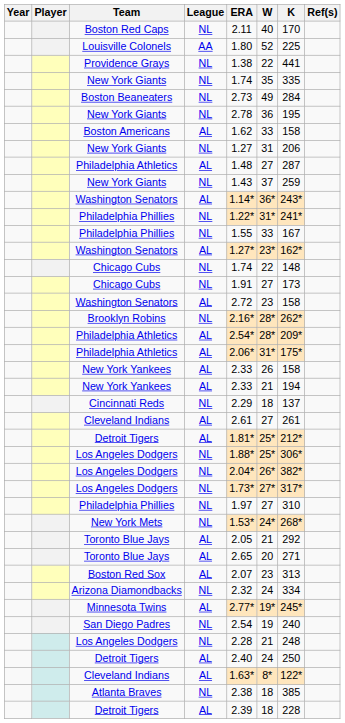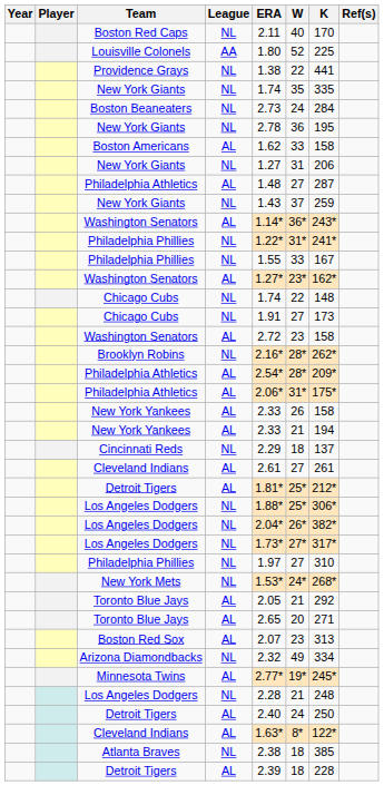 <table class="wikitable sortable plainrowheaders" style="text-align:center;">
 <tr>
 <th scope="col">Year</th>
 <th scope="col">Player</th>
 <th scope="col">Team</th>
 <th scope="col">League</th>
 <th scope="col">ERA</th>
 <th scope="col">W</th>
 <th scope="col">K</th>
 <th scope="col" class="unsortable">Ref(s)</th>
 </tr>
 <tr>
 <td></td>
 <th scope="row" style="text-align:center"></th>
 <td><a href='#'>Boston Red Caps</a></td>
 <td><a href='#'>NL</a></td>
 <td>2.11</td>
 <td>40</td>
 <td>170</td>
 <td></td>
 </tr>
 <tr>
 <td></td>
 <th scope="row" style="text-align:center"></th>
 <td><a href='#'>Louisville Colonels</a></td>
 <td><a href='#'>AA</a></td>
 <td>1.80</td>
 <td>52</td>
 <td>225</td>
 <td></td>
 </tr>
 <tr>
 <td></td>
 <th scope="row" style="text-align:center; background-color: #ffffbb"></th>
 <td><a href='#'>Providence Grays</a></td>
 <td><a href='#'>NL</a></td>
 <td>1.38</td>
 <td>22</td>
 <td>441</td>
 <td></td>
 </tr>
 <tr>
 <td></td>
 <th scope="row" style="text-align:center; background-color: #ffffbb"></th>
 <td><a href='#'>New York Giants</a></td>
 <td><a href='#'>NL</a></td>
 <td>1.74</td>
 <td>35</td>
 <td>335</td>
 <td></td>
 </tr>
 <tr>
 <td></td>
 <th scope="row" style="text-align:center; background-color: #ffffbb"></th>
 <td><a href='#'>Boston Beaneaters</a></td>
 <td><a href='#'>NL</a></td>
 <td>2.73</td>
-<td>49</td>
+<td>24</td>
 <td>284</td>
 <td></td>
 </tr>
 <tr>
 <td></td>
 <th scope="row" style="text-align:center; background-color: #ffffbb"></th>
 <td><a href='#'>New York Giants</a></td>
 <td><a href='#'>NL</a></td>
 <td>2.78</td>
 <td>36</td>
 <td>195</td>
 <td></td>
 </tr>
 <tr>
 <td></td>
 <th scope="row" style="text-align:center; background-color: #ffffbb"></th>
 <td><a href='#'>Boston Americans</a></td>
 <td><a href='#'>AL</a></td>
 <td>1.62</td>
 <td>33</td>
 <td>158</td>
 <td></td>
 </tr>
 <tr>
 <td></td>
 <th scope="row" style="text-align:center; background-color: #ffffbb"></th>
 <td><a href='#'>New York Giants</a></td>
 <td><a href='#'>NL</a></td>
 <td>1.27</td>
 <td>31</td>
 <td>206</td>
 <td></td>
 </tr>
 <tr>
 <td></td>
 <th scope="row" style="text-align:center; background-color: #ffffbb"></th>
 <td><a href='#'>Philadelphia Athletics</a></td>
 <td><a href='#'>AL</a></td>
 <td>1.48</td>
 <td>27</td>
 <td>287</td>
 <td></td>
 </tr>
 <tr>
 <td></td>
 <th scope="row" style="text-align:center; background-color: #ffffbb"></th>
 <td><a href='#'>New York Giants</a></td>
 <td><a href='#'>NL</a></td>
 <td>1.43</td>
 <td>37</td>
 <td>259</td>
 <td></td>
 </tr>
 <tr>
 <td></td>
 <th scope="row" style="text-align:center; background-color: #ffffbb"></th>
 <td><a href='#'>Washington Senators</a></td>
 <td><a href='#'>AL</a></td>
 <td style="background-color:#FFE6BD;">1.14*</td>
 <td style="background-color:#FFE6BD;">36*</td>
 <td style="background-color:#FFE6BD;">243*</td>
 <td></td>
 </tr>
 <tr>
 <td></td>
 <th scope="row" style="text-align:center; background-color: #ffffbb"></th>
 <td><a href='#'>Philadelphia Phillies</a></td>
 <td><a href='#'>NL</a></td>
 <td style="background-color:#FFE6BD;">1.22*</td>
 <td style="background-color:#FFE6BD;">31*</td>
 <td style="background-color:#FFE6BD;">241*</td>
 <td></td>
 </tr>
 <tr>
 <td></td>
 <th scope="row" style="text-align:center; background-color: #ffffbb"></th>
 <td><a href='#'>Philadelphia Phillies</a></td>
 <td><a href='#'>NL</a></td>
 <td>1.55</td>
 <td>33</td>
 <td>167</td>
 <td></td>
 </tr>
 <tr>
 <td></td>
 <th scope="row" style="text-align:center; background-color: #ffffbb"></th>
 <td><a href='#'>Washington Senators</a></td>
 <td><a href='#'>AL</a></td>
 <td style="background-color:#FFE6BD;">1.27*</td>
 <td style="background-color:#FFE6BD;">23*</td>
 <td style="background-color:#FFE6BD;">162*</td>
 <td></td>
 </tr>
 <tr>
 <td></td>
 <th scope="row" style="text-align:center"></th>
 <td><a href='#'>Chicago Cubs</a></td>
 <td><a href='#'>NL</a></td>
 <td>1.74</td>
 <td>22</td>
 <td>148</td>
 <td></td>
 </tr>
 <tr>
 <td></td>
 <th scope="row" style="text-align:center; background-color: #ffffbb"></th>
 <td><a href='#'>Chicago Cubs</a></td>
 <td><a href='#'>NL</a></td>
 <td>1.91</td>
 <td>27</td>
 <td>173</td>
 <td></td>
 </tr>
 <tr>
 <td></td>
 <th scope="row" style="text-align:center; background-color: #ffffbb"></th>
 <td><a href='#'>Washington Senators</a></td>
 <td><a href='#'>AL</a></td>
 <td>2.72</td>
 <td>23</td>
 <td>158</td>
 <td></td>
 </tr>
 <tr>
 <td></td>
 <th scope="row" style="text-align:center; background-color: #ffffbb"></th>
 <td><a href='#'>Brooklyn Robins</a></td>
 <td><a href='#'>NL</a></td>
 <td style="background-color:#FFE6BD;">2.16*</td>
 <td style="background-color:#FFE6BD;">28*</td>
 <td style="background-color:#FFE6BD;">262*</td>
 <td></td>
 </tr>
 <tr>
 <td></td>
 <th scope="row" style="text-align:center; background-color: #ffffbb"></th>
 <td><a href='#'>Philadelphia Athletics</a></td>
 <td><a href='#'>AL</a></td>
 <td style="background-color:#FFE6BD;">2.54*</td>
 <td style="background-color:#FFE6BD;">28*</td>
 <td style="background-color:#FFE6BD;">209*</td>
 <td></td>
 </tr>
 <tr>
 <td></td>
 <th scope="row" style="text-align:center; background-color: #ffffbb"></th>
 <td><a href='#'>Philadelphia Athletics</a></td>
 <td><a href='#'>AL</a></td>
 <td style="background-color:#FFE6BD;">2.06*</td>
 <td style="background-color:#FFE6BD;">31*</td>
 <td style="background-color:#FFE6BD;">175*</td>
 <td></td>
 </tr>
 <tr>
 <td></td>
 <th scope="row" style="text-align:center; background-color: #ffffbb"></th>
 <td><a href='#'>New York Yankees</a></td>
 <td><a href='#'>AL</a></td>
 <td>2.33</td>
 <td>26</td>
 <td>158</td>
 <td></td>
 </tr>
 <tr>
 <td></td>
 <th scope="row" style="text-align:center; background-color: #ffffbb"></th>
 <td><a href='#'>New York Yankees</a></td>
 <td><a href='#'>AL</a></td>
 <td>2.33</td>
 <td>21</td>
 <td>194</td>
 <td></td>
 </tr>
 <tr>
 <td></td>
 <th scope="row" style="text-align:center"></th>
 <td><a href='#'>Cincinnati Reds</a></td>
 <td><a href='#'>NL</a></td>
 <td>2.29</td>
 <td>18</td>
 <td>137</td>
 <td></td>
 </tr>
 <tr>
 <td></td>
 <th scope="row" style="text-align:center; background-color: #ffffbb"></th>
 <td><a href='#'>Cleveland Indians</a></td>
 <td><a href='#'>AL</a></td>
 <td>2.61</td>
 <td>27</td>
 <td>261</td>
 <td></td>
 </tr>
 <tr>
 <td></td>
 <th scope="row" style="text-align:center; background-color: #ffffbb"></th>
 <td><a href='#'>Detroit Tigers</a></td>
 <td><a href='#'>AL</a></td>
 <td style="background-color:#FFE6BD;">1.81*</td>
 <td style="background-color:#FFE6BD;">25*</td>
 <td style="background-color:#FFE6BD;">212*</td>
 <td></td>
 </tr>
 <tr>
 <td></td>
 <th scope="row" style="text-align:center; background-color: #ffffbb"></th>
 <td><a href='#'>Los Angeles Dodgers</a></td>
 <td><a href='#'>NL</a></td>
 <td style="background-color:#FFE6BD;">1.88*</td>
 <td style="background-color:#FFE6BD;">25*</td>
 <td style="background-color:#FFE6BD;">306*</td>
 <td></td>
 </tr>
 <tr>
 <td></td>
 <th scope="row" style="text-align:center; background-color: #ffffbb"></th>
 <td><a href='#'>Los Angeles Dodgers</a></td>
 <td><a href='#'>NL</a></td>
 <td style="background-color:#FFE6BD;">2.04*</td>
 <td style="background-color:#FFE6BD;">26*</td>
 <td style="background-color:#FFE6BD;">382*</td>
 <td></td>
 </tr>
 <tr>
 <td></td>
 <th scope="row" style="text-align:center; background-color: #ffffbb"></th>
 <td><a href='#'>Los Angeles Dodgers</a></td>
 <td><a href='#'>NL</a></td>
 <td style="background-color:#FFE6BD;">1.73*</td>
 <td style="background-color:#FFE6BD;">27*</td>
 <td style="background-color:#FFE6BD;">317*</td>
 <td></td>
 </tr>
 <tr>
 <td></td>
 <th scope="row" style="text-align:center; background-color: #ffffbb"></th>
 <td><a href='#'>Philadelphia Phillies</a></td>
 <td><a href='#'>NL</a></td>
 <td>1.97</td>
 <td>27</td>
 <td>310</td>
 <td></td>
 </tr>
 <tr>
 <td></td>
 <th scope="row" style="text-align:center"></th>
 <td><a href='#'>New York Mets</a></td>
 <td><a href='#'>NL</a></td>
 <td style="background-color:#FFE6BD;">1.53*</td>
 <td style="background-color:#FFE6BD;">24*</td>
 <td style="background-color:#FFE6BD;">268*</td>
 <td></td>
 </tr>
 <tr>
 <td></td>
 <th scope="row" style="text-align:center"></th>
 <td><a href='#'>Toronto Blue Jays</a></td>
 <td><a href='#'>AL</a></td>
 <td>2.05</td>
 <td>21</td>
 <td>292</td>
 <td></td>
 </tr>
 <tr>
 <td></td>
 <th scope="row" style="text-align:center"></th>
 <td><a href='#'>Toronto Blue Jays</a></td>
 <td><a href='#'>AL</a></td>
 <td>2.65</td>
 <td>20</td>
 <td>271</td>
 <td></td>
 </tr>
 <tr>
 <td></td>
 <th scope="row" style="text-align:center; background-color: #ffffbb"></th>
 <td><a href='#'>Boston Red Sox</a></td>
 <td><a href='#'>AL</a></td>
 <td>2.07</td>
 <td>23</td>
 <td>313</td>
 <td></td>
 </tr>
 <tr>
 <td></td>
 <th scope="row" style="text-align:center; background-color: #ffffbb"></th>
 <td><a href='#'>Arizona Diamondbacks</a></td>
 <td><a href='#'>NL</a></td>
 <td>2.32</td>
-<td>24</td>
+<td>49</td>
 <td>334</td>
 <td></td>
 </tr>
 <tr>
 <td></td>
 <th scope="row" style="text-align:center"></th>
 <td><a href='#'>Minnesota Twins</a></td>
 <td><a href='#'>AL</a></td>
 <td style="background-color:#FFE6BD;">2.77*</td>
 <td style="background-color:#FFE6BD;">19*</td>
 <td style="background-color:#FFE6BD;">245*</td>
-<td></td>
-</tr>
-<tr>
-<td></td>
-<th scope="row" style="text-align:center;"></th>
-<td><a href='#'>San Diego Padres</a></td>
-<td><a href='#'>NL</a></td>
-<td>2.54</td>
-<td>19</td>
-<td>240</td>
 <td></td>
 </tr>
 <tr>
 <td></td>
 <th scope="row" style="text-align:center; background-color: #cfecec"></th>
 <td><a href='#'>Los Angeles Dodgers</a></td>
 <td><a href='#'>NL</a></td>
 <td>2.28</td>
 <td>21</td>
 <td>248</td>
 <td></td>
 </tr>
 <tr>
 <td></td>
 <th scope="row" style="text-align:center; background-color: #cfecec"></th>
 <td><a href='#'>Detroit Tigers</a></td>
 <td><a href='#'>AL</a></td>
 <td>2.40</td>
 <td>24</td>
 <td>250</td>
 <td></td>
 </tr>
 <tr>
 <td></td>
 <th scope="row" style="text-align:center; background-color: #cfecec"></th>
 <td><a href='#'>Cleveland Indians</a></td>
 <td><a href='#'>AL</a></td>
 <td style="background-color:#FFE6BD;">1.63*</td>
 <td style="background-color:#FFE6BD;">8*</td>
 <td style="background-color:#FFE6BD;">122*</td>
 <td></td>
 </tr>
 <tr>
 <td></td>
 <th scope="row" style="text-align:center; background-color: #cfecec"></th>
 <td><a href='#'>Atlanta Braves</a></td>
 <td><a href='#'>NL</a></td>
 <td>2.38</td>
 <td>18</td>
 <td>385</td>
 <td></td>
 </tr>
 <tr>
 <td></td>
 <th scope="row" style="text-align:center; background-color: #cfecec"></th>
 <td><a href='#'>Detroit Tigers</a></td>
 <td><a href='#'>AL</a></td>
 <td>2.39</td>
 <td>18</td>
 <td>228</td>
 <td></td>
 </tr>
 </table>
